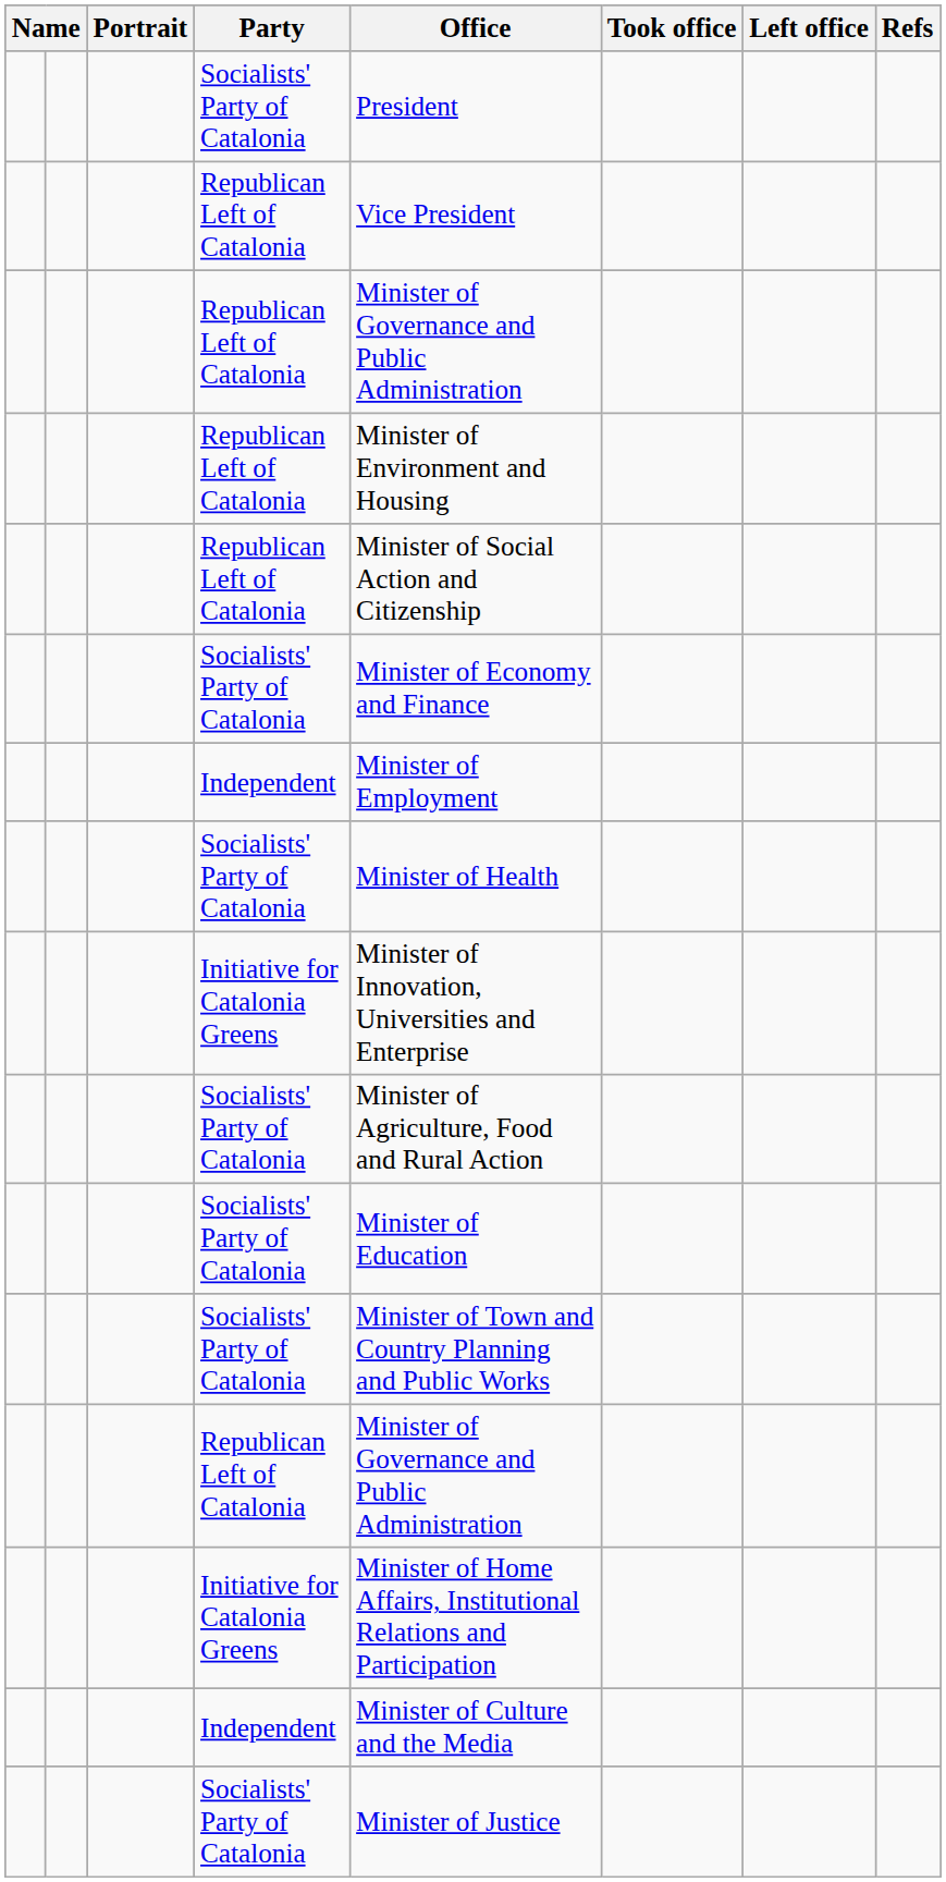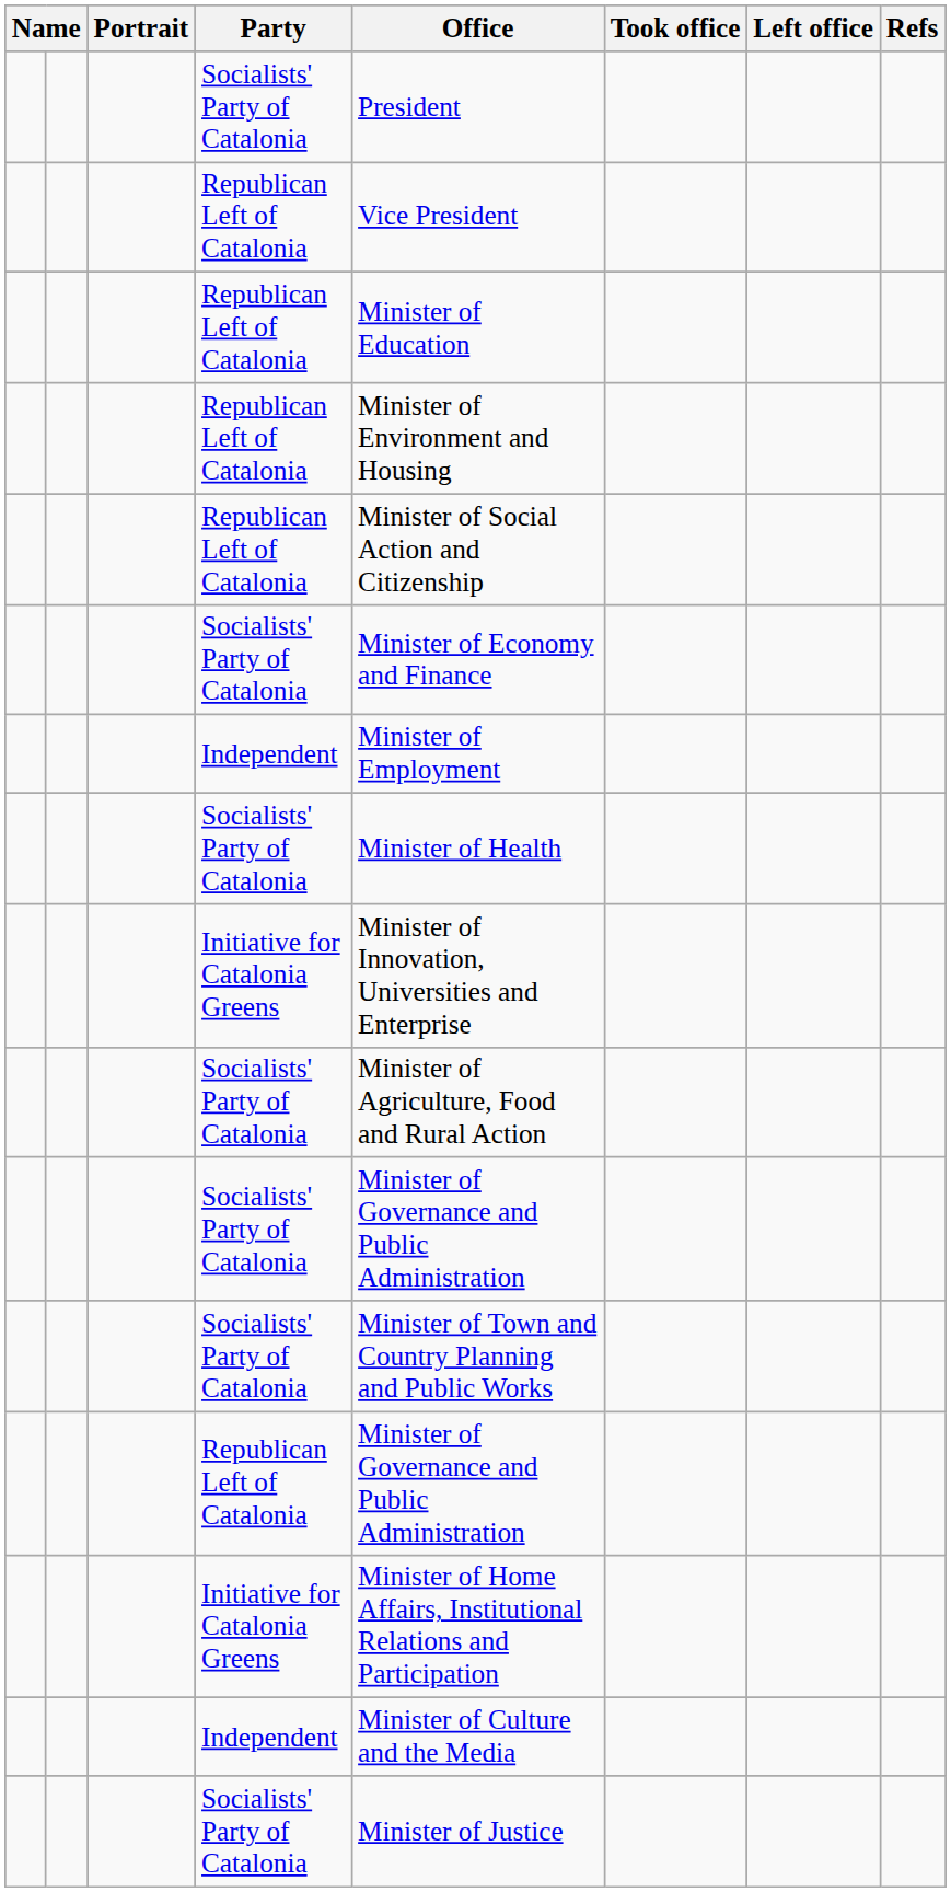 <table class="wikitable plainrowheaders sortable" style="font-size:90%; text-align:left;">
 <tr>
 <th scope=col colspan="2">Name</th>
 <th scope=col class=unsortable>Portrait</th>
 <th scope=col width=75px>Party</th>
 <th scope=col width=125px>Office</th>
 <th scope=col>Took office</th>
 <th scope=col>Left office</th>
 <th scope=col width=25px class=unsortable>Refs</th>
 </tr>
 <tr>
 <td !align="center" style="background:"></td>
 <td></td>
 <td align=center></td>
 <td><a href='#'>Socialists' Party of Catalonia</a></td>
 <td><a href='#'>President</a></td>
 <td align=center></td>
 <td align=center></td>
 <td align=center></td>
 </tr>
 <tr>
 <td !align="center" style="background:"></td>
 <td></td>
 <td align=center></td>
 <td><a href='#'>Republican Left of Catalonia</a></td>
 <td><a href='#'>Vice President</a></td>
 <td align=center></td>
 <td align=center></td>
 <td align=center></td>
 </tr>
 <tr>
 <td !align="center" style="background:"></td>
 <td></td>
 <td align=center></td>
 <td><a href='#'>Republican Left of Catalonia</a></td>
-<td><a href='#'>Minister of Governance and Public Administration</a></td>
+<td><a href='#'>Minister of Education</a></td>
 <td align=center></td>
 <td align=center></td>
 <td align=center></td>
 </tr>
 <tr>
 <td !align="center" style="background:"></td>
 <td></td>
 <td align=center></td>
 <td><a href='#'>Republican Left of Catalonia</a></td>
 <td>Minister of Environment and Housing</td>
 <td align=center></td>
 <td align=center></td>
 <td align=center></td>
 </tr>
 <tr>
 <td !align="center" style="background:"></td>
 <td></td>
 <td align=center></td>
 <td><a href='#'>Republican Left of Catalonia</a></td>
 <td>Minister of Social Action and Citizenship</td>
 <td align=center></td>
 <td align=center></td>
 <td align=center></td>
 </tr>
 <tr>
 <td !align="center" style="background:"></td>
 <td></td>
 <td align=center></td>
 <td><a href='#'>Socialists' Party of Catalonia</a></td>
 <td><a href='#'>Minister of Economy and Finance</a></td>
 <td align=center></td>
 <td align=center></td>
 <td align=center></td>
 </tr>
 <tr>
 <td !align="center" style="background:"></td>
 <td></td>
 <td align=center></td>
 <td><a href='#'>Independent</a></td>
 <td><a href='#'>Minister of Employment</a></td>
 <td align=center></td>
 <td align=center></td>
 <td align=center></td>
 </tr>
 <tr>
 <td !align="center" style="background:"></td>
 <td></td>
 <td align=center></td>
 <td><a href='#'>Socialists' Party of Catalonia</a></td>
 <td><a href='#'>Minister of Health</a></td>
 <td align=center></td>
 <td align=center></td>
 <td align=center></td>
 </tr>
 <tr>
 <td !align="center" style="background:"></td>
 <td></td>
 <td align=center></td>
 <td><a href='#'>Initiative for Catalonia Greens</a></td>
 <td>Minister of Innovation, Universities and Enterprise</td>
 <td align=center></td>
 <td align=center></td>
 <td align=center></td>
 </tr>
 <tr>
 <td !align="center" style="background:"></td>
 <td></td>
 <td align=center></td>
 <td><a href='#'>Socialists' Party of Catalonia</a></td>
 <td>Minister of Agriculture, Food and Rural Action</td>
 <td align=center></td>
 <td align=center></td>
 <td align=center></td>
 </tr>
 <tr>
 <td !align="center" style="background:"></td>
 <td></td>
 <td align=center></td>
 <td><a href='#'>Socialists' Party of Catalonia</a></td>
-<td><a href='#'>Minister of Education</a></td>
+<td><a href='#'>Minister of Governance and Public Administration</a></td>
 <td align=center></td>
 <td align=center></td>
 <td align=center></td>
 </tr>
 <tr>
 <td !align="center" style="background:"></td>
 <td></td>
 <td align=center></td>
 <td><a href='#'>Socialists' Party of Catalonia</a></td>
 <td><a href='#'>Minister of Town and Country Planning and Public Works</a></td>
 <td align=center></td>
 <td align=center></td>
 <td align=center></td>
 </tr>
 <tr>
 <td !align="center" style="background:"></td>
 <td></td>
 <td align=center></td>
 <td><a href='#'>Republican Left of Catalonia</a></td>
 <td><a href='#'>Minister of Governance and Public Administration</a></td>
 <td align=center></td>
 <td align=center></td>
 <td align=center></td>
 </tr>
 <tr>
 <td !align="center" style="background:"></td>
 <td></td>
 <td align=center></td>
 <td><a href='#'>Initiative for Catalonia Greens</a></td>
 <td><a href='#'>Minister of Home Affairs, Institutional Relations and Participation</a></td>
 <td align=center></td>
 <td align=center></td>
 <td align=center></td>
 </tr>
 <tr>
 <td !align="center" style="background:"></td>
 <td></td>
 <td align=center></td>
 <td><a href='#'>Independent</a></td>
 <td><a href='#'>Minister of Culture and the Media</a></td>
 <td align=center></td>
 <td align=center></td>
 <td align=center></td>
 </tr>
 <tr>
 <td !align="center" style="background:"></td>
 <td></td>
 <td align=center></td>
 <td><a href='#'>Socialists' Party of Catalonia</a></td>
 <td><a href='#'>Minister of Justice</a></td>
 <td align=center></td>
 <td align=center></td>
 <td align=center></td>
 </tr>
 </table>
